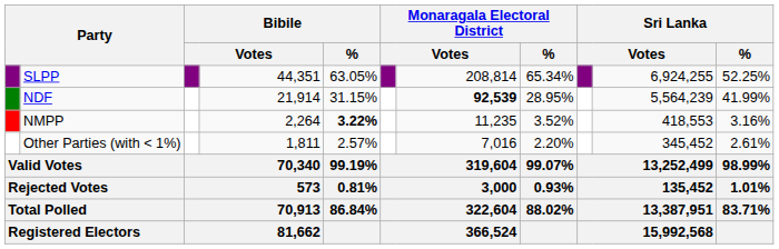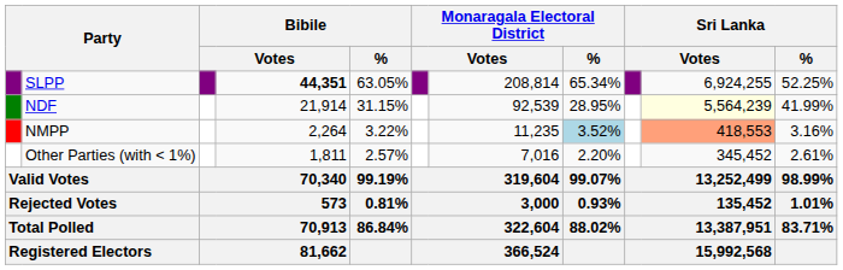 <table class="wikitable">
 <tr>
 <th colspan="2" width="144px"rowspan="2">Party</th>
 <th colspan="3" width="216px">Bibile</th>
 <th colspan="3" width="216px"><a href='#'>Monaragala Electoral District</a></th>
 <th colspan="3" width="216px">Sri Lanka</th>
 </tr>
 <tr>
 <th colspan="2" width="144px">Votes</th>
 <th>%</th>
 <th colspan="2" width="144px">Votes</th>
 <th>%</th>
 <th colspan="2" width="144px">Votes</th>
 <th>%</th>
 </tr>
 <tr>
 <td style="background-color:purple;" width="10px"></td>
 <td style="text-align:left;"><a href='#'>SLPP</a></td>
 <td style="background-color:purple;" width="10px"></td>
-<td style="text-align:right;">44,351</td>
+<td style="text-align:right;"><strong>44,351</strong></td>
 <td style="text-align:right;">63.05%</td>
 <td style="background-color:purple;" width="10px"></td>
 <td style="text-align:right;">208,814</td>
 <td style="text-align:right;">65.34%</td>
 <td style="background-color:purple;" width="10px"></td>
 <td style="text-align:right;">6,924,255</td>
 <td style="text-align:right;">52.25%</td>
 </tr>
 <tr>
 <td style="background-color:green;" width="10px"></td>
 <td style="text-align:left;"><a href='#'>NDF</a></td>
 <td style="background-color:white;" width="10px"></td>
 <td style="text-align:right;">21,914</td>
 <td style="text-align:right;">31.15%</td>
 <td style="background-color:white;" width="10px"></td>
-<td style="text-align:right;"><strong>92,539</strong></td>
+<td style="text-align:right;">92,539</td>
 <td style="text-align:right;">28.95%</td>
 <td style="background-color:white;" width="10px"></td>
-<td style="text-align:right;">5,564,239</td>
+<td style="background: lightyellow; text-align:right;">5,564,239</td>
 <td style="text-align:right;">41.99%</td>
 </tr>
 <tr>
 <td style="background-color:red;" width="10px"></td>
 <td style="text-align:left;">NMPP</td>
 <td style="background-color:white;" width="10px"></td>
 <td style="text-align:right;">2,264</td>
-<td style="text-align:right;"><strong>3.22%</strong></td>
+<td style="text-align:right;">3.22%</td>
 <td style="background-color:white;" width="10px"></td>
 <td style="text-align:right;">11,235</td>
-<td style="text-align:right;">3.52%</td>
+<td style="background: lightblue; text-align:right;">3.52%</td>
 <td style="background-color:white;" width="10px"></td>
-<td style="text-align:right;">418,553</td>
+<td style="background: lightsalmon; text-align:right;">418,553</td>
 <td style="text-align:right;">3.16%</td>
 </tr>
 <tr>
 <td style="background-color:white;" width="10px"></td>
 <td style="text-align:left;">Other Parties (with < 1%)</td>
 <td style="background-color:white;" width="10px"></td>
 <td style="text-align:right;">1,811</td>
 <td style="text-align:right;">2.57%</td>
 <td style="background-color:white;" width="10px"></td>
 <td style="text-align:right;">7,016</td>
 <td style="text-align:right;">2.20%</td>
 <td style="background-color:white;" width="10px"></td>
 <td style="text-align:right;">345,452</td>
 <td style="text-align:right;">2.61%</td>
 </tr>
 <tr>
 <th colspan="2" width="144px"style="text-align:left;">Valid Votes</th>
 <th style="text-align:right;"colspan="2" width="144px">70,340</th>
 <th style="text-align:right;">99.19%</th>
 <th style="text-align:right;"colspan="2" width="144px">319,604</th>
 <th style="text-align:right;">99.07%</th>
 <th style="text-align:right;"colspan="2" width="144px">13,252,499</th>
 <th style="text-align:right;">98.99%</th>
 </tr>
 <tr>
 <th colspan="2" width="144px"style="text-align:left;">Rejected Votes</th>
 <th style="text-align:right;"colspan="2" width="144px">573</th>
 <th style="text-align:right;">0.81%</th>
 <th style="text-align:right;"colspan="2" width="144px">3,000</th>
 <th style="text-align:right;">0.93%</th>
 <th style="text-align:right;"colspan="2" width="144px">135,452</th>
 <th style="text-align:right;">1.01%</th>
 </tr>
 <tr>
 <th colspan="2" width="144px"style="text-align:left;">Total Polled</th>
 <th style="text-align:right;"colspan="2" width="144px">70,913</th>
 <th style="text-align:right;">86.84%</th>
 <th style="text-align:right;"colspan="2" width="144px">322,604</th>
 <th style="text-align:right;">88.02%</th>
 <th style="text-align:right;"colspan="2" width="144px">13,387,951</th>
 <th style="text-align:right;">83.71%</th>
 </tr>
 <tr>
 <th colspan="2" width="144px"style="text-align:left;">Registered Electors</th>
 <th style="text-align:right;"colspan="2" width="144px">81,662</th>
 <th></th>
 <th style="text-align:right;"colspan="2" width="144px">366,524</th>
 <th></th>
 <th style="text-align:right;"colspan="2" width="144px">15,992,568</th>
 <th></th>
 </tr>
 </table>
